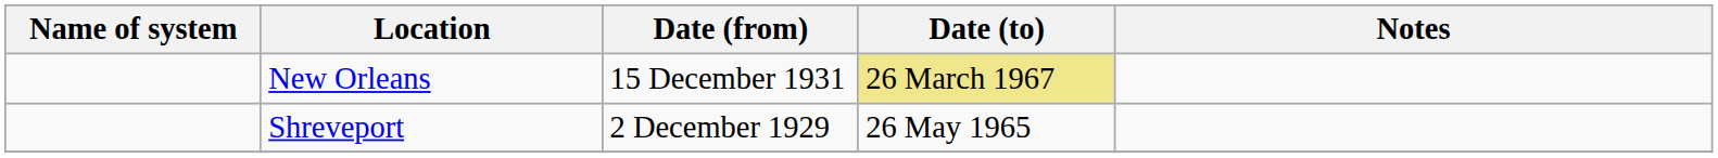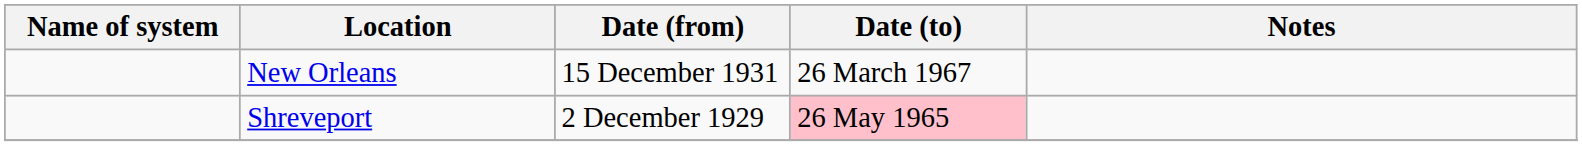 <table class="wikitable" width=100%>
 <tr>
 <th width=15%>Name of system</th>
 <th width=20%>Location</th>
 <th width=15%>Date (from)</th>
 <th width=15%>Date (to)</th>
 <th width=35%>Notes</th>
 </tr>
 <tr>
 <td> </td>
 <td><a href='#'>New Orleans</a></td>
 <td>15 December 1931</td>
-<td style="background: khaki;">26 March 1967</td>
+<td>26 March 1967</td>
 <td> </td>
 </tr>
 <tr>
 <td> </td>
 <td><a href='#'>Shreveport</a></td>
 <td>2 December 1929</td>
-<td>26 May 1965</td>
+<td style="background: pink;">26 May 1965</td>
 <td> </td>
 </tr>
 <tr>
 </tr>
 </table>
